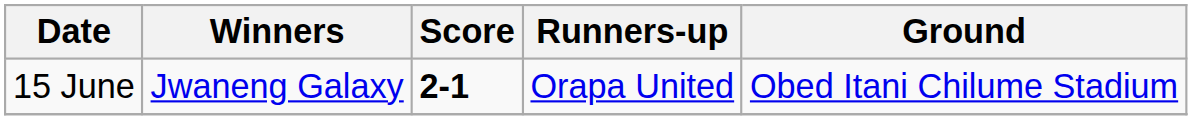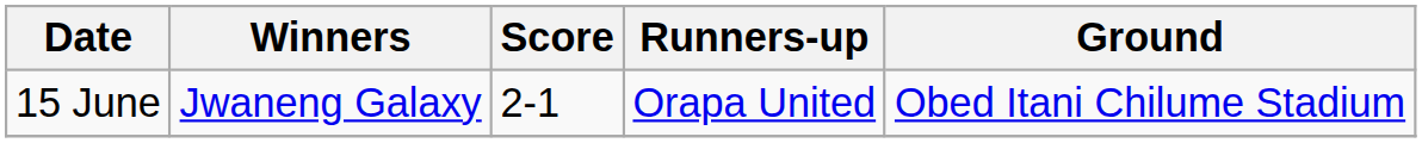 <table class="wikitable">
 <tr>
 <th>Date</th>
 <th>Winners</th>
 <th>Score</th>
 <th>Runners-up</th>
 <th>Ground</th>
 </tr>
 <tr>
 <td>15 June</td>
 <td><a href='#'>Jwaneng Galaxy</a></td>
-<td><strong>2-1</strong></td>
+<td>2-1</td>
 <td><a href='#'>Orapa United</a></td>
 <td><a href='#'>Obed Itani Chilume Stadium</a></td>
 </tr>
 <tr>
 </tr>
 </table>
